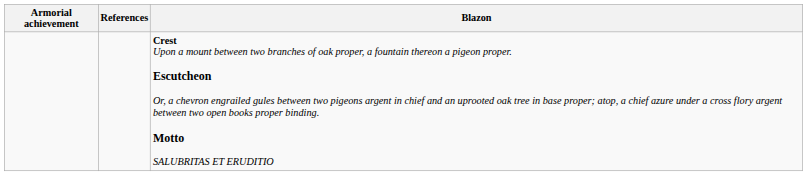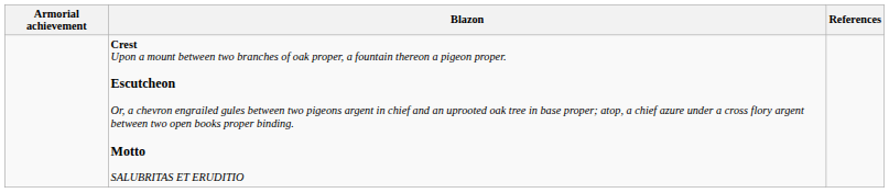 <table class="wikitable">
 <tr>
 <th>Armorial achievement</th>
+<th>Blazon</th>
 <th>References</th>
-<th>Blazon</th>
 </tr>
 <tr>
 <td></td>
+<td><strong>Crest</strong><br><em>Upon a mount between two branches of oak proper, a fountain thereon a pigeon proper.</em><h3>Escutcheon</h3><em>Or, a chevron engrailed gules between two pigeons argent in chief and an uprooted oak tree in base proper; atop, a chief azure under a cross flory argent between two open books proper binding.</em><h3>Motto</h3><em>SALUBRITAS ET ERUDITIO</em></td>
 <td></td>
-<td><strong>Crest</strong><br><em>Upon a mount between two branches of oak proper, a fountain thereon a pigeon proper.</em><h3>Escutcheon</h3><em>Or, a chevron engrailed gules between two pigeons argent in chief and an uprooted oak tree in base proper; atop, a chief azure under a cross flory argent between two open books proper binding.</em><h3>Motto</h3><em>SALUBRITAS ET ERUDITIO</em></td>
 </tr>
 </table>
